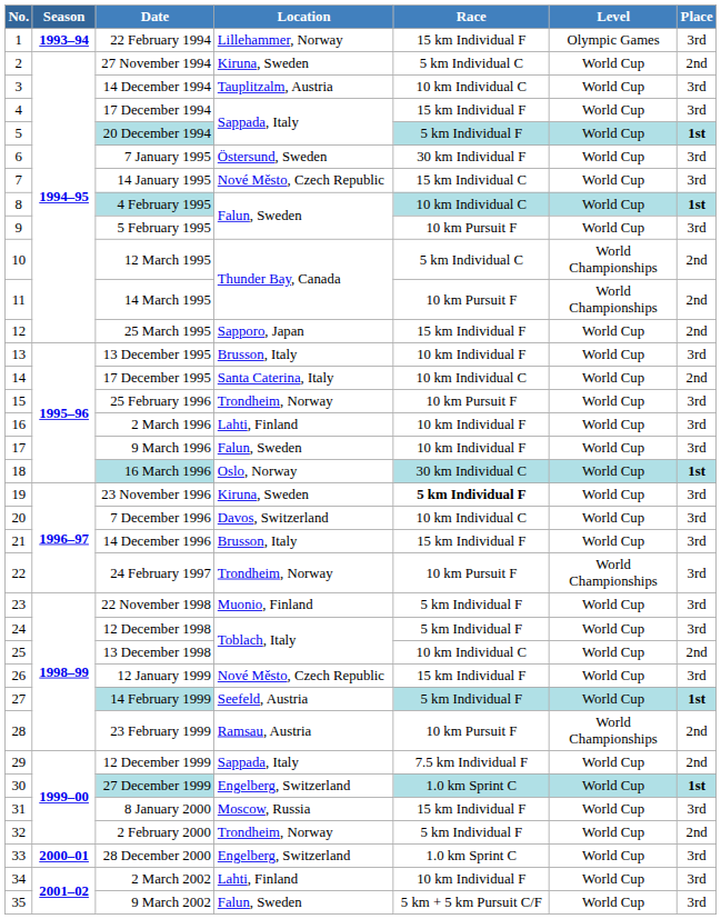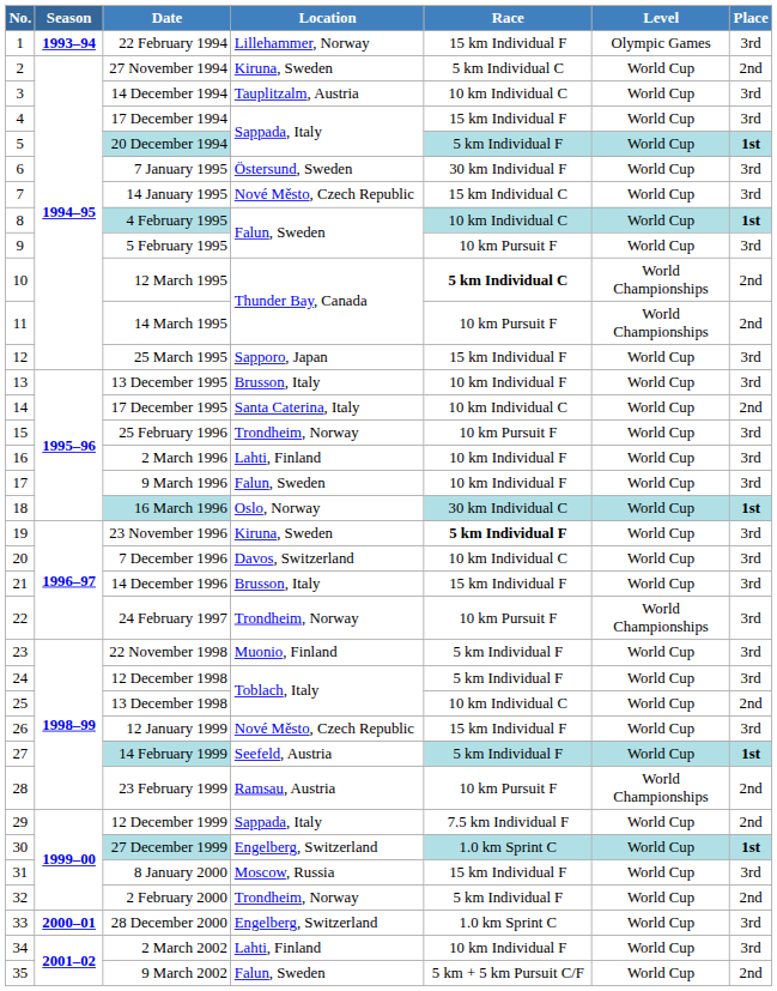 <table class="wikitable sortable" style="font-size:95%; text-align:center; border:grey solid 1px; border-collapse:collapse; background:#ffffff;">
 <tr style="background:#efefef;">
 <th style="background-color:#369; color:white;">No.</th>
 <th style="background-color:#369; color:white;">Season</th>
 <th style="background-color:#4180be; color:white; width:120px;">Date</th>
 <th style="background-color:#4180be; color:white; width:185px;">Location</th>
 <th style="background-color:#4180be; color:white; width:160px;">Race</th>
 <th style="background-color:#4180be; color:white; width:130px;">Level</th>
 <th style="background-color:#4180be; color:white;">Place</th>
 </tr>
 <tr>
 <td align=center>1</td>
 <td rowspan=1 align=center><strong> <a href='#'>1993–94</a> </strong></td>
 <td align=right>22 February 1994</td>
 <td align=left> <a href='#'>Lillehammer</a>, Norway</td>
 <td>15 km Individual F</td>
 <td>Olympic Games</td>
 <td>3rd</td>
 </tr>
 <tr>
 <td align=center>2</td>
 <td rowspan=11 align=center><strong> <a href='#'>1994–95</a> </strong></td>
 <td align=right>27 November 1994</td>
 <td align=left> <a href='#'>Kiruna</a>, Sweden</td>
 <td>5 km Individual C</td>
 <td>World Cup</td>
 <td>2nd</td>
 </tr>
 <tr>
 <td align=center>3</td>
 <td align=right>14 December 1994</td>
 <td align=left> <a href='#'>Tauplitzalm</a>, Austria</td>
 <td>10 km Individual C</td>
 <td>World Cup</td>
 <td>3rd</td>
 </tr>
 <tr>
 <td align=center>4</td>
 <td align=right>17 December 1994</td>
 <td rowspan=2 align=left> <a href='#'>Sappada</a>, Italy</td>
 <td>15 km Individual F</td>
 <td>World Cup</td>
 <td>3rd</td>
 </tr>
 <tr>
 <td align=center>5</td>
 <td bgcolor="#BOEOE6" align=right>20 December 1994</td>
 <td bgcolor="#BOEOE6">5 km Individual F</td>
 <td bgcolor="#BOEOE6">World Cup</td>
 <td bgcolor="#BOEOE6"><strong>1st</strong></td>
 </tr>
 <tr>
 <td align=center>6</td>
 <td align=right>7 January 1995</td>
 <td align=left> <a href='#'>Östersund</a>, Sweden</td>
 <td>30 km Individual F</td>
 <td>World Cup</td>
 <td>3rd</td>
 </tr>
 <tr>
 <td align=center>7</td>
 <td align=right>14 January 1995</td>
 <td align=left> <a href='#'>Nové Město</a>, Czech Republic</td>
 <td>15 km Individual C</td>
 <td>World Cup</td>
 <td>3rd</td>
 </tr>
 <tr>
 <td align=center>8</td>
 <td bgcolor="#BOEOE6" align=right>4 February 1995</td>
 <td rowspan=2 align=left> <a href='#'>Falun</a>, Sweden</td>
 <td bgcolor="#BOEOE6">10 km Individual C</td>
 <td bgcolor="#BOEOE6">World Cup</td>
 <td bgcolor="#BOEOE6"><strong>1st</strong></td>
 </tr>
 <tr>
 <td align=center>9</td>
 <td align=right>5 February 1995</td>
 <td>10 km Pursuit F</td>
 <td>World Cup</td>
 <td>3rd</td>
 </tr>
 <tr>
 <td align=center>10</td>
 <td align=right>12 March 1995</td>
 <td rowspan=2 align=left> <a href='#'>Thunder Bay</a>, Canada</td>
-<td>5 km Individual C</td>
+<td><strong>5 km Individual C</strong></td>
 <td>World Championships</td>
 <td>2nd</td>
 </tr>
 <tr>
 <td align=center>11</td>
 <td align=right>14 March 1995</td>
 <td>10 km Pursuit F</td>
 <td>World Championships</td>
 <td>2nd</td>
 </tr>
 <tr>
 <td align=center>12</td>
 <td align=right>25 March 1995</td>
 <td align=left> <a href='#'>Sapporo</a>, Japan</td>
 <td>15 km Individual F</td>
 <td>World Cup</td>
-<td>2nd</td>
+<td>3rd</td>
 </tr>
 <tr>
 <td align=center>13</td>
 <td rowspan=6 align=center><strong> <a href='#'>1995–96</a> </strong></td>
 <td align=right>13 December 1995</td>
 <td align=left> <a href='#'>Brusson</a>, Italy</td>
 <td>10 km Individual F</td>
 <td>World Cup</td>
 <td>3rd</td>
 </tr>
 <tr>
 <td align=center>14</td>
 <td align=right>17 December 1995</td>
 <td align=left> <a href='#'>Santa Caterina</a>, Italy</td>
 <td>10 km Individual C</td>
 <td>World Cup</td>
 <td>2nd</td>
 </tr>
 <tr>
 <td align=center>15</td>
 <td align=right>25 February 1996</td>
 <td align=left> <a href='#'>Trondheim</a>, Norway</td>
 <td>10 km Pursuit F</td>
 <td>World Cup</td>
 <td>3rd</td>
 </tr>
 <tr>
 <td align=center>16</td>
 <td align=right>2 March 1996</td>
 <td align=left> <a href='#'>Lahti</a>, Finland</td>
 <td>10 km Individual F</td>
 <td>World Cup</td>
 <td>3rd</td>
 </tr>
 <tr>
 <td align=center>17</td>
 <td align=right>9 March 1996</td>
 <td align=left> <a href='#'>Falun</a>, Sweden</td>
 <td>10 km Individual F</td>
 <td>World Cup</td>
 <td>3rd</td>
 </tr>
 <tr>
 <td align=center>18</td>
 <td bgcolor="#BOEOE6" align=right>16 March 1996</td>
 <td align=left> <a href='#'>Oslo</a>, Norway</td>
 <td bgcolor="#BOEOE6">30 km Individual C</td>
 <td bgcolor="#BOEOE6">World Cup</td>
 <td bgcolor="#BOEOE6"><strong>1st</strong></td>
 </tr>
 <tr>
 <td align=center>19</td>
 <td rowspan=4 align=center><strong> <a href='#'>1996–97</a> </strong></td>
 <td align=right>23 November 1996</td>
 <td align=left> <a href='#'>Kiruna</a>, Sweden</td>
 <td><strong>5 km Individual F</strong></td>
 <td>World Cup</td>
 <td>3rd</td>
 </tr>
 <tr>
 <td align=center>20</td>
 <td align=right>7 December 1996</td>
 <td align=left> <a href='#'>Davos</a>, Switzerland</td>
 <td>10 km Individual C</td>
 <td>World Cup</td>
 <td>3rd</td>
 </tr>
 <tr>
 <td align=center>21</td>
 <td align=right>14  December 1996</td>
 <td align=left> <a href='#'>Brusson</a>, Italy</td>
 <td>15 km Individual F</td>
 <td>World Cup</td>
 <td>3rd</td>
 </tr>
 <tr>
 <td align=center>22</td>
 <td align=right>24 February 1997</td>
 <td align=left> <a href='#'>Trondheim</a>, Norway</td>
 <td>10 km Pursuit F</td>
 <td>World Championships</td>
 <td>3rd</td>
 </tr>
 <tr>
 <td align=center>23</td>
 <td rowspan=6 align=center><strong> <a href='#'>1998–99</a> </strong></td>
 <td align=right>22 November 1998</td>
 <td align=left> <a href='#'>Muonio</a>, Finland</td>
 <td>5 km Individual F</td>
 <td>World Cup</td>
 <td>3rd</td>
 </tr>
 <tr>
 <td align=center>24</td>
 <td align=right>12 December 1998</td>
 <td rowspan=2 align=left> <a href='#'>Toblach</a>, Italy</td>
 <td>5 km Individual F</td>
 <td>World Cup</td>
 <td>3rd</td>
 </tr>
 <tr>
 <td align=center>25</td>
 <td align=right>13 December 1998</td>
 <td>10 km Individual C</td>
 <td>World Cup</td>
 <td>2nd</td>
 </tr>
 <tr>
 <td align=center>26</td>
 <td align=right>12 January 1999</td>
 <td align=left> <a href='#'>Nové Město</a>, Czech Republic</td>
 <td>15 km Individual F</td>
 <td>World Cup</td>
 <td>3rd</td>
 </tr>
 <tr>
 <td align=center>27</td>
 <td bgcolor="#BOEOE6" align=right>14 February 1999</td>
 <td align=left> <a href='#'>Seefeld</a>, Austria</td>
 <td bgcolor="#BOEOE6">5 km Individual F</td>
 <td bgcolor="#BOEOE6">World Cup</td>
 <td bgcolor="#BOEOE6"><strong>1st</strong></td>
 </tr>
 <tr>
 <td align=center>28</td>
 <td align=right>23 February 1999</td>
 <td align=left> <a href='#'>Ramsau</a>, Austria</td>
 <td>10 km Pursuit F</td>
 <td>World Championships</td>
 <td>2nd</td>
 </tr>
 <tr>
 <td align=center>29</td>
 <td rowspan=4 align=center><strong> <a href='#'>1999–00</a> </strong></td>
 <td align=right>12 December 1999</td>
 <td align=left> <a href='#'>Sappada</a>, Italy</td>
 <td>7.5 km Individual F</td>
 <td>World Cup</td>
 <td>2nd</td>
 </tr>
 <tr>
 <td align=center>30</td>
 <td bgcolor="#BOEOE6" align=right>27 December 1999</td>
 <td align=left> <a href='#'>Engelberg</a>, Switzerland</td>
 <td bgcolor="#BOEOE6">1.0 km Sprint C</td>
 <td bgcolor="#BOEOE6">World Cup</td>
 <td bgcolor="#BOEOE6"><strong>1st</strong></td>
 </tr>
 <tr>
 <td align=center>31</td>
 <td align=right>8 January 2000</td>
 <td align=left> <a href='#'>Moscow</a>, Russia</td>
 <td>15 km Individual F</td>
 <td>World Cup</td>
 <td>3rd</td>
 </tr>
 <tr>
 <td align=center>32</td>
 <td align=right>2 February 2000</td>
 <td align=left> <a href='#'>Trondheim</a>, Norway</td>
 <td>5 km Individual F</td>
 <td>World Cup</td>
 <td>2nd</td>
 </tr>
 <tr>
 <td align=center>33</td>
 <td rowspan=1 align=center><strong> <a href='#'>2000–01</a> </strong></td>
 <td align=right>28 December 2000</td>
 <td align=left> <a href='#'>Engelberg</a>, Switzerland</td>
 <td>1.0 km Sprint C</td>
 <td>World Cup</td>
 <td>3rd</td>
 </tr>
 <tr>
 <td align=center>34</td>
 <td rowspan=2 align=center><strong> <a href='#'>2001–02</a> </strong></td>
 <td align=right>2 March 2002</td>
 <td align=left> <a href='#'>Lahti</a>, Finland</td>
 <td>10 km Individual F</td>
 <td>World Cup</td>
 <td>3rd</td>
 </tr>
 <tr>
 <td align=center>35</td>
 <td align=right>9 March 2002</td>
 <td align=left> <a href='#'>Falun</a>, Sweden</td>
 <td>5 km + 5 km Pursuit C/F</td>
 <td>World Cup</td>
-<td>3rd</td>
+<td>2nd</td>
 </tr>
 </table>
